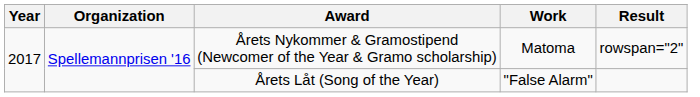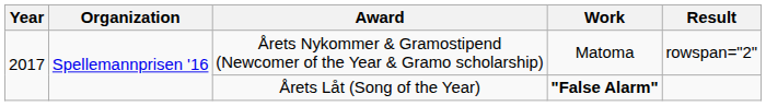 <table class="wikitable plainrowheaders" style="text-align:center;">
 <tr>
 <th>Year</th>
 <th>Organization</th>
 <th>Award</th>
 <th>Work</th>
 <th>Result</th>
 </tr>
 <tr>
 <td rowspan="2">2017</td>
 <td rowspan="2"><a href='#'>Spellemannprisen '16</a></td>
 <td>Årets Nykommer & Gramostipend <br>(Newcomer of the Year & Gramo scholarship)</td>
 <td>Matoma</td>
 <td>rowspan="2" </td>
 </tr>
 <tr>
 <td>Årets Låt (Song of the Year)</td>
-<td>"False Alarm"</td>
+<td><strong>"False Alarm"</strong></td>
 </tr>
 </table>
